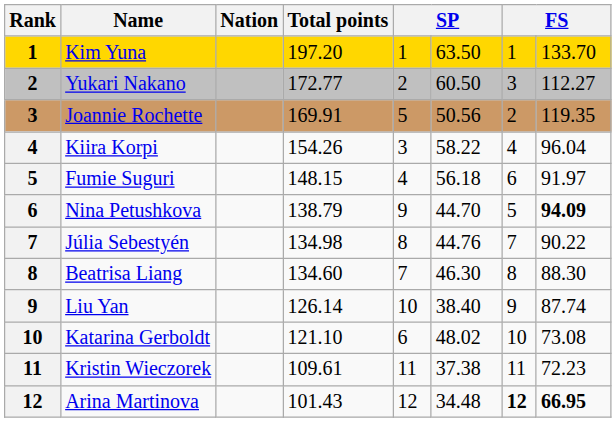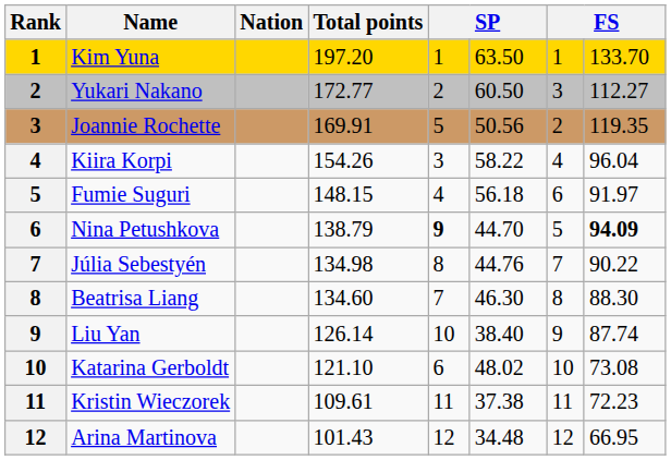 <table class="wikitable">
 <tr>
 <th>Rank</th>
 <th>Name</th>
 <th>Nation</th>
 <th>Total points</th>
 <th colspan="2" width="80px"><a href='#'>SP</a></th>
 <th colspan="2" width="80px"><a href='#'>FS</a></th>
 </tr>
 <tr bgcolor="gold">
 <td align="center"><strong>1</strong></td>
 <td><a href='#'>Kim Yuna</a></td>
 <td></td>
 <td>197.20</td>
 <td>1</td>
 <td>63.50</td>
 <td>1</td>
 <td>133.70</td>
 </tr>
 <tr bgcolor="silver">
 <td align="center"><strong>2</strong></td>
 <td><a href='#'>Yukari Nakano</a></td>
 <td></td>
 <td>172.77</td>
 <td>2</td>
 <td>60.50</td>
 <td>3</td>
 <td>112.27</td>
 </tr>
 <tr bgcolor="cc9966">
 <td align="center"><strong>3</strong></td>
 <td><a href='#'>Joannie Rochette</a></td>
 <td></td>
 <td>169.91</td>
 <td>5</td>
 <td>50.56</td>
 <td>2</td>
 <td>119.35</td>
 </tr>
 <tr>
 <th>4</th>
 <td><a href='#'>Kiira Korpi</a></td>
 <td></td>
 <td>154.26</td>
 <td>3</td>
 <td>58.22</td>
 <td>4</td>
 <td>96.04</td>
 </tr>
 <tr>
 <th>5</th>
 <td><a href='#'>Fumie Suguri</a></td>
 <td></td>
 <td>148.15</td>
 <td>4</td>
 <td>56.18</td>
 <td>6</td>
 <td>91.97</td>
 </tr>
 <tr>
 <th>6</th>
 <td><a href='#'>Nina Petushkova</a></td>
 <td></td>
 <td>138.79</td>
-<td>9</td>
+<td><strong>9</strong></td>
 <td>44.70</td>
 <td>5</td>
 <td><strong>94.09</strong></td>
 </tr>
 <tr>
 <th>7</th>
 <td><a href='#'>Júlia Sebestyén</a></td>
 <td></td>
 <td>134.98</td>
 <td>8</td>
 <td>44.76</td>
 <td>7</td>
 <td>90.22</td>
 </tr>
 <tr>
 <th>8</th>
 <td><a href='#'>Beatrisa Liang</a></td>
 <td></td>
 <td>134.60</td>
 <td>7</td>
 <td>46.30</td>
 <td>8</td>
 <td>88.30</td>
 </tr>
 <tr>
 <th>9</th>
 <td><a href='#'>Liu Yan</a></td>
 <td></td>
 <td>126.14</td>
 <td>10</td>
 <td>38.40</td>
 <td>9</td>
 <td>87.74</td>
 </tr>
 <tr>
 <th>10</th>
 <td><a href='#'>Katarina Gerboldt</a></td>
 <td></td>
 <td>121.10</td>
 <td>6</td>
 <td>48.02</td>
 <td>10</td>
 <td>73.08</td>
 </tr>
 <tr>
 <th>11</th>
 <td><a href='#'>Kristin Wieczorek</a></td>
 <td></td>
 <td>109.61</td>
 <td>11</td>
 <td>37.38</td>
 <td>11</td>
 <td>72.23</td>
 </tr>
 <tr>
 <th>12</th>
 <td><a href='#'>Arina Martinova</a></td>
 <td></td>
 <td>101.43</td>
 <td>12</td>
 <td>34.48</td>
-<td><strong>12</strong></td>
-<td><strong>66.95</strong></td>
+<td>12</td>
+<td>66.95</td>
 </tr>
 </table>
